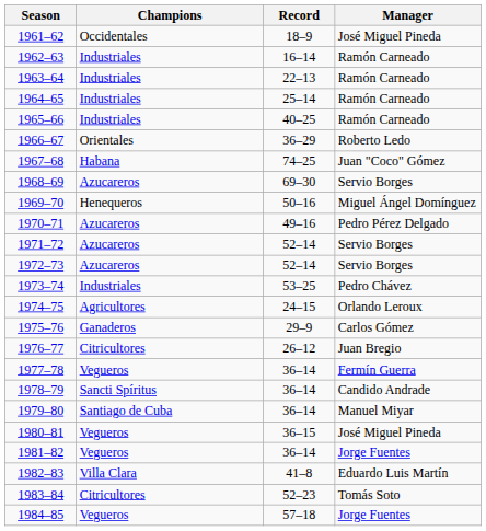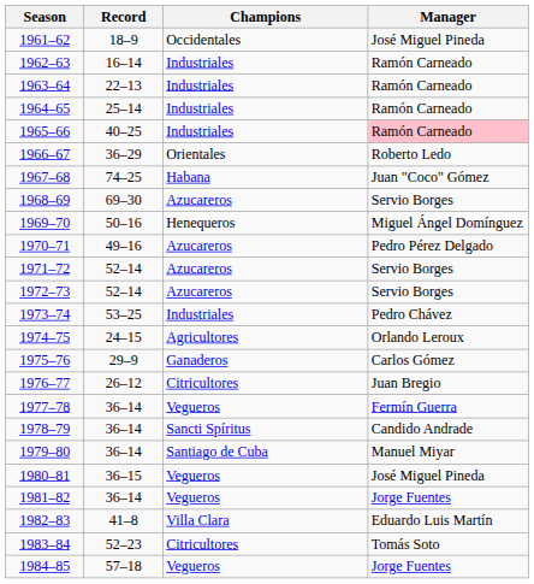 <table class="wikitable sortable">
 <tr>
 <th width="80">Season</th>
+<th width="80">Record</th>
 <th width="220">Champions</th>
-<th width="80">Record</th>
 <th width="170">Manager</th>
 </tr>
 <tr>
 <td align="center"><a href='#'>1961–62</a></td>
+<td align="center">18–9</td>
 <td>Occidentales </td>
-<td align="center">18–9</td>
 <td>José Miguel Pineda</td>
 </tr>
 <tr>
 <td align="center"><a href='#'>1962–63</a></td>
+<td align="center">16–14</td>
 <td><a href='#'>Industriales</a> </td>
-<td align="center">16–14</td>
 <td>Ramón Carneado</td>
 </tr>
 <tr>
 <td align="center"><a href='#'>1963–64</a></td>
+<td align="center">22–13</td>
 <td><a href='#'>Industriales</a> </td>
-<td align="center">22–13</td>
 <td>Ramón Carneado</td>
 </tr>
 <tr>
 <td align="center"><a href='#'>1964–65</a></td>
+<td align="center">25–14</td>
 <td><a href='#'>Industriales</a> </td>
-<td align="center">25–14</td>
 <td>Ramón Carneado</td>
 </tr>
 <tr>
 <td align="center"><a href='#'>1965–66</a></td>
+<td align="center">40–25</td>
 <td><a href='#'>Industriales</a> </td>
-<td align="center">40–25</td>
-<td>Ramón Carneado</td>
+<td style="background: pink;">Ramón Carneado</td>
 </tr>
 <tr>
 <td align="center"><a href='#'>1966–67</a></td>
+<td align="center">36–29</td>
 <td>Orientales </td>
-<td align="center">36–29</td>
 <td>Roberto Ledo</td>
 </tr>
 <tr>
 <td align="center"><a href='#'>1967–68</a></td>
+<td align="center">74–25</td>
 <td><a href='#'>Habana</a> </td>
-<td align="center">74–25</td>
 <td>Juan "Coco" Gómez</td>
 </tr>
 <tr>
 <td align="center"><a href='#'>1968–69</a></td>
+<td align="center">69–30</td>
 <td><a href='#'>Azucareros</a> </td>
-<td align="center">69–30</td>
 <td>Servio Borges</td>
 </tr>
 <tr>
 <td align="center"><a href='#'>1969–70</a></td>
+<td align="center">50–16</td>
 <td>Henequeros </td>
-<td align="center">50–16</td>
 <td>Miguel Ángel Domínguez</td>
 </tr>
 <tr>
 <td align="center"><a href='#'>1970–71</a></td>
+<td align="center">49–16</td>
 <td><a href='#'>Azucareros</a> </td>
-<td align="center">49–16</td>
 <td>Pedro Pérez Delgado</td>
 </tr>
 <tr>
 <td align="center"><a href='#'>1971–72</a></td>
+<td align="center">52–14</td>
 <td><a href='#'>Azucareros</a> </td>
-<td align="center">52–14</td>
 <td>Servio Borges</td>
 </tr>
 <tr>
 <td align="center"><a href='#'>1972–73</a></td>
+<td align="center">52–14</td>
 <td><a href='#'>Azucareros</a> </td>
-<td align="center">52–14</td>
 <td>Servio Borges</td>
 </tr>
 <tr>
 <td align="center"><a href='#'>1973–74</a></td>
+<td align="center">53–25</td>
 <td><a href='#'>Industriales</a> </td>
-<td align="center">53–25</td>
 <td>Pedro Chávez</td>
 </tr>
 <tr>
 <td align="center"><a href='#'>1974–75</a></td>
+<td align="center">24–15</td>
 <td><a href='#'>Agricultores</a> </td>
-<td align="center">24–15</td>
 <td>Orlando Leroux</td>
 </tr>
 <tr>
 <td align="center"><a href='#'>1975–76</a></td>
+<td align="center">29–9</td>
 <td><a href='#'>Ganaderos</a> </td>
-<td align="center">29–9</td>
 <td>Carlos Gómez</td>
 </tr>
 <tr>
 <td align="center"><a href='#'>1976–77</a></td>
+<td align="center">26–12</td>
 <td><a href='#'>Citricultores</a> </td>
-<td align="center">26–12</td>
 <td>Juan Bregio</td>
 </tr>
 <tr>
 <td align="center"><a href='#'>1977–78</a></td>
+<td align="center">36–14</td>
 <td><a href='#'>Vegueros</a> </td>
-<td align="center">36–14</td>
 <td><a href='#'>Fermín Guerra</a></td>
 </tr>
 <tr>
 <td align="center"><a href='#'>1978–79</a></td>
+<td align="center">36–14</td>
 <td><a href='#'>Sancti Spíritus</a> </td>
-<td align="center">36–14</td>
 <td>Candido Andrade</td>
 </tr>
 <tr>
 <td align="center"><a href='#'>1979–80</a></td>
+<td align="center">36–14</td>
 <td><a href='#'>Santiago de Cuba</a> </td>
-<td align="center">36–14</td>
 <td>Manuel Miyar</td>
 </tr>
 <tr>
 <td align="center"><a href='#'>1980–81</a></td>
+<td align="center">36–15</td>
 <td><a href='#'>Vegueros</a> </td>
-<td align="center">36–15</td>
 <td>José Miguel Pineda</td>
 </tr>
 <tr>
 <td align="center"><a href='#'>1981–82</a></td>
+<td align="center">36–14</td>
 <td><a href='#'>Vegueros</a> </td>
-<td align="center">36–14</td>
 <td><a href='#'>Jorge Fuentes</a></td>
 </tr>
 <tr>
 <td align="center"><a href='#'>1982–83</a></td>
+<td align="center">41–8</td>
 <td><a href='#'>Villa Clara</a> </td>
-<td align="center">41–8</td>
 <td>Eduardo Luis Martín</td>
 </tr>
 <tr>
 <td align="center"><a href='#'>1983–84</a></td>
+<td align="center">52–23</td>
 <td><a href='#'>Citricultores</a> </td>
-<td align="center">52–23</td>
 <td>Tomás Soto</td>
 </tr>
 <tr>
 <td align="center"><a href='#'>1984–85</a></td>
+<td align="center">57–18</td>
 <td><a href='#'>Vegueros</a> </td>
-<td align="center">57–18</td>
 <td><a href='#'>Jorge Fuentes</a></td>
 </tr>
 </table>
